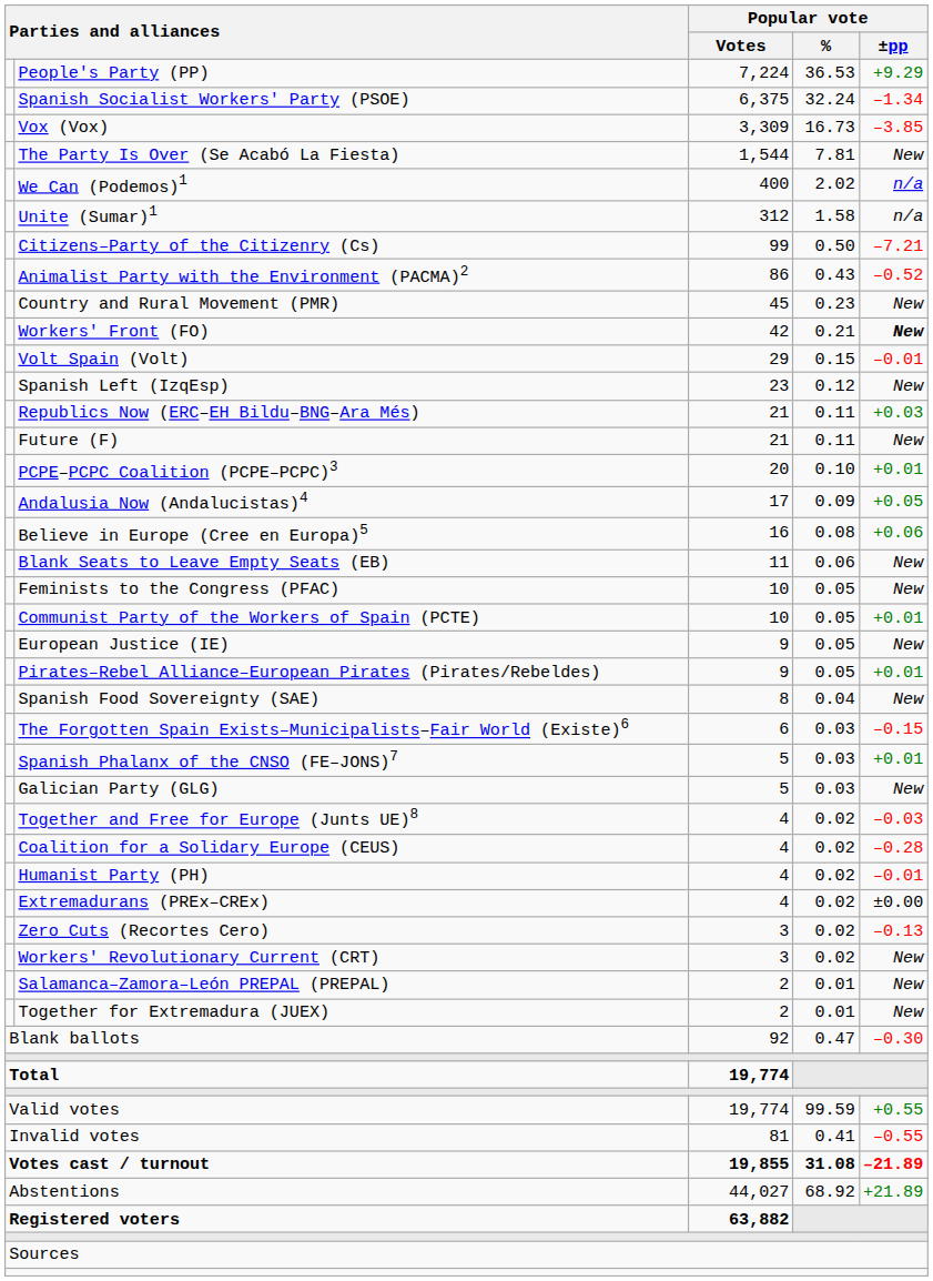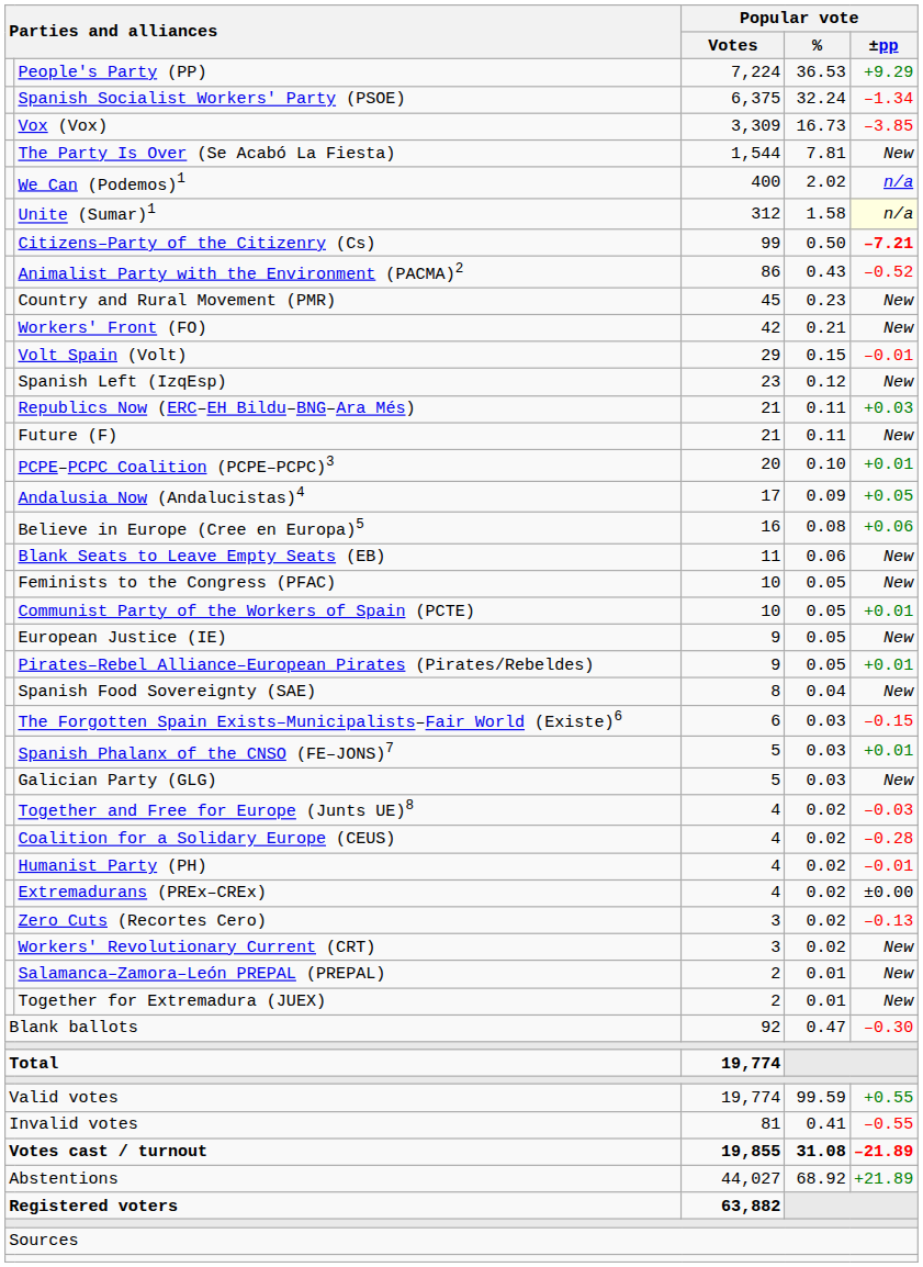 <table class="wikitable" style="text-align:right;">
 <tr>
 <th style="text-align:left;" rowspan="2" colspan="2" width="525">Parties and alliances</th>
 <th colspan="3">Popular vote</th>
 </tr>
 <tr bgcolor="#E9E9E9" align="center">
 <th width="75">Votes</th>
 <th width="45">%</th>
 <th width="45">±<a href='#'>pp</a></th>
 </tr>
 <tr>
 <td width="1" style="color:inherit;background:"></td>
 <td align="left"><a href='#'>People's Party</a> (PP)</td>
 <td>7,224</td>
 <td>36.53</td>
 <td style="color:green;">+9.29</td>
 </tr>
 <tr>
 <td style="color:inherit;background:"></td>
 <td align="left"><a href='#'>Spanish Socialist Workers' Party</a> (PSOE)</td>
 <td>6,375</td>
 <td>32.24</td>
 <td style="color:red;">–1.34</td>
 </tr>
 <tr>
 <td style="color:inherit;background:"></td>
 <td align="left"><a href='#'>Vox</a> (Vox)</td>
 <td>3,309</td>
 <td>16.73</td>
 <td style="color:red;">–3.85</td>
 </tr>
 <tr>
 <td style="color:inherit;background:"></td>
 <td align="left"><a href='#'>The Party Is Over</a> (Se Acabó La Fiesta)</td>
 <td>1,544</td>
 <td>7.81</td>
 <td><em>New</em></td>
 </tr>
 <tr>
 <td style="color:inherit;background:"></td>
 <td align="left"><a href='#'>We Can</a> (Podemos)<sup>1</sup></td>
 <td>400</td>
 <td>2.02</td>
 <td><em><a href='#'>n/a</a></em></td>
 </tr>
 <tr>
 <td style="color:inherit;background:"></td>
 <td align="left"><a href='#'>Unite</a> (Sumar)<sup>1</sup></td>
 <td>312</td>
 <td>1.58</td>
-<td><em>n/a</em></td>
+<td style="background: lightyellow;"><em>n/a</em></td>
 </tr>
 <tr>
 <td style="color:inherit;background:"></td>
 <td align="left"><a href='#'>Citizens–Party of the Citizenry</a> (Cs)</td>
 <td>99</td>
 <td>0.50</td>
-<td style="color:red;">–7.21</td>
+<td style="color:red;"><strong>–7.21</strong></td>
 </tr>
 <tr>
 <td style="color:inherit;background:"></td>
 <td align="left"><a href='#'>Animalist Party with the Environment</a> (PACMA)<sup>2</sup></td>
 <td>86</td>
 <td>0.43</td>
 <td style="color:red;">–0.52</td>
 </tr>
 <tr>
 <td style="color:inherit;background:"></td>
 <td align="left">Country and Rural Movement (PMR)</td>
 <td>45</td>
 <td>0.23</td>
 <td><em>New</em></td>
 </tr>
 <tr>
 <td style="color:inherit;background:"></td>
 <td align="left"><a href='#'>Workers' Front</a> (FO)</td>
 <td>42</td>
 <td>0.21</td>
-<td><strong><em>New</em></strong></td>
+<td><em>New</em></td>
 </tr>
 <tr>
 <td style="color:inherit;background:"></td>
 <td align="left"><a href='#'>Volt Spain</a> (Volt)</td>
 <td>29</td>
 <td>0.15</td>
 <td style="color:red;">–0.01</td>
 </tr>
 <tr>
 <td style="color:inherit;background:"></td>
 <td align="left">Spanish Left (IzqEsp)</td>
 <td>23</td>
 <td>0.12</td>
 <td><em>New</em></td>
 </tr>
 <tr>
 <td style="color:inherit;background:"></td>
 <td align="left"><a href='#'>Republics Now</a> (<a href='#'>ERC</a>–<a href='#'>EH Bildu</a>–<a href='#'>BNG</a>–<a href='#'>Ara Més</a>)</td>
 <td>21</td>
 <td>0.11</td>
 <td style="color:green;">+0.03</td>
 </tr>
 <tr>
 <td style="color:inherit;background:"></td>
 <td align="left">Future (F)</td>
 <td>21</td>
 <td>0.11</td>
 <td><em>New</em></td>
 </tr>
 <tr>
 <td style="color:inherit;background:"></td>
 <td align="left"><a href='#'>PCPE</a>–<a href='#'>PCPC Coalition</a> (PCPE–PCPC)<sup>3</sup></td>
 <td>20</td>
 <td>0.10</td>
 <td style="color:green;">+0.01</td>
 </tr>
 <tr>
 <td style="color:inherit;background:"></td>
 <td align="left"><a href='#'>Andalusia Now</a> (Andalucistas)<sup>4</sup></td>
 <td>17</td>
 <td>0.09</td>
 <td style="color:green;">+0.05</td>
 </tr>
 <tr>
 <td style="color:inherit;background:"></td>
 <td align="left">Believe in Europe (Cree en Europa)<sup>5</sup></td>
 <td>16</td>
 <td>0.08</td>
 <td style="color:green;">+0.06</td>
 </tr>
 <tr>
 <td style="color:inherit;background:"></td>
 <td align="left"><a href='#'>Blank Seats to Leave Empty Seats</a> (EB)</td>
 <td>11</td>
 <td>0.06</td>
 <td><em>New</em></td>
 </tr>
 <tr>
 <td style="color:inherit;background:"></td>
 <td align="left">Feminists to the Congress (PFAC)</td>
 <td>10</td>
 <td>0.05</td>
 <td><em>New</em></td>
 </tr>
 <tr>
 <td style="color:inherit;background:"></td>
 <td align="left"><a href='#'>Communist Party of the Workers of Spain</a> (PCTE)</td>
 <td>10</td>
 <td>0.05</td>
 <td style="color:green;">+0.01</td>
 </tr>
 <tr>
 <td style="color:inherit;background:"></td>
 <td align="left">European Justice (IE)</td>
 <td>9</td>
 <td>0.05</td>
 <td><em>New</em></td>
 </tr>
 <tr>
 <td style="color:inherit;background:"></td>
 <td align="left"><a href='#'>Pirates–Rebel Alliance–European Pirates</a> (Pirates/Rebeldes)</td>
 <td>9</td>
 <td>0.05</td>
 <td style="color:green;">+0.01</td>
 </tr>
 <tr>
 <td style="color:inherit;background:"></td>
 <td align="left">Spanish Food Sovereignty (SAE)</td>
 <td>8</td>
 <td>0.04</td>
 <td><em>New</em></td>
 </tr>
 <tr>
 <td style="color:inherit;background:"></td>
 <td align="left"><a href='#'>The Forgotten Spain Exists–Municipalists</a>–<a href='#'>Fair World</a> (Existe)<sup>6</sup></td>
 <td>6</td>
 <td>0.03</td>
 <td style="color:red;">–0.15</td>
 </tr>
 <tr>
 <td style="color:inherit;background:"></td>
 <td align="left"><a href='#'>Spanish Phalanx of the CNSO</a> (FE–JONS)<sup>7</sup></td>
 <td>5</td>
 <td>0.03</td>
 <td style="color:green;">+0.01</td>
 </tr>
 <tr>
 <td style="color:inherit;background:"></td>
 <td align="left">Galician Party (GLG)</td>
 <td>5</td>
 <td>0.03</td>
 <td><em>New</em></td>
 </tr>
 <tr>
 <td style="color:inherit;background:"></td>
 <td align="left"><a href='#'>Together and Free for Europe</a> (Junts UE)<sup>8</sup></td>
 <td>4</td>
 <td>0.02</td>
 <td style="color:red;">–0.03</td>
 </tr>
 <tr>
 <td style="color:inherit;background:"></td>
 <td align="left"><a href='#'>Coalition for a Solidary Europe</a> (CEUS)</td>
 <td>4</td>
 <td>0.02</td>
 <td style="color:red;">–0.28</td>
 </tr>
 <tr>
 <td style="color:inherit;background:"></td>
 <td align="left"><a href='#'>Humanist Party</a> (PH)</td>
 <td>4</td>
 <td>0.02</td>
 <td style="color:red;">–0.01</td>
 </tr>
 <tr>
 <td style="color:inherit;background:"></td>
 <td align="left"><a href='#'>Extremadurans</a> (PREx–CREx)</td>
 <td>4</td>
 <td>0.02</td>
 <td>±0.00</td>
 </tr>
 <tr>
 <td style="color:inherit;background:"></td>
 <td align="left"><a href='#'>Zero Cuts</a> (Recortes Cero)</td>
 <td>3</td>
 <td>0.02</td>
 <td style="color:red;">–0.13</td>
 </tr>
 <tr>
 <td style="color:inherit;background:"></td>
 <td align="left"><a href='#'>Workers' Revolutionary Current</a> (CRT)</td>
 <td>3</td>
 <td>0.02</td>
 <td><em>New</em></td>
 </tr>
 <tr>
 <td style="color:inherit;background:"></td>
 <td align="left"><a href='#'>Salamanca–Zamora–León PREPAL</a> (PREPAL)</td>
 <td>2</td>
 <td>0.01</td>
 <td><em>New</em></td>
 </tr>
 <tr>
 <td style="color:inherit;background:"></td>
 <td align="left">Together for Extremadura (JUEX)</td>
 <td>2</td>
 <td>0.01</td>
 <td><em>New</em></td>
 </tr>
 <tr>
 <td align="left" colspan="2">Blank ballots</td>
 <td>92</td>
 <td>0.47</td>
 <td style="color:red;">–0.30</td>
 </tr>
 <tr>
 <td colspan="5" bgcolor="#E9E9E9"></td>
 </tr>
 <tr style="font-weight:bold;">
 <td align="left" colspan="2">Total</td>
 <td>19,774</td>
 <td bgcolor="#E9E9E9" colspan="2"></td>
 </tr>
 <tr>
 <td colspan="5" bgcolor="#E9E9E9"></td>
 </tr>
 <tr>
 <td align="left" colspan="2">Valid votes</td>
 <td>19,774</td>
 <td>99.59</td>
 <td style="color:green;">+0.55</td>
 </tr>
 <tr>
 <td align="left" colspan="2">Invalid votes</td>
 <td>81</td>
 <td>0.41</td>
 <td style="color:red;">–0.55</td>
 </tr>
 <tr style="font-weight:bold;">
 <td align="left" colspan="2">Votes cast / turnout</td>
 <td>19,855</td>
 <td>31.08</td>
 <td style="color:red;">–21.89</td>
 </tr>
 <tr>
 <td align="left" colspan="2">Abstentions</td>
 <td>44,027</td>
 <td>68.92</td>
 <td style="color:green;">+21.89</td>
 </tr>
 <tr style="font-weight:bold;">
 <td align="left" colspan="2">Registered voters</td>
 <td>63,882</td>
 <td bgcolor="#E9E9E9" colspan="2"></td>
 </tr>
 <tr>
 <td colspan="5" bgcolor="#E9E9E9"></td>
 </tr>
 <tr>
 <td align="left" colspan="5">Sources</td>
 </tr>
 <tr>
 <td colspan="5" style="text-align:left; max-width:790px;"></td>
 </tr>
 </table>
